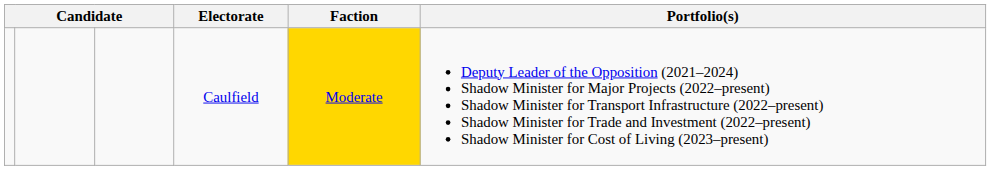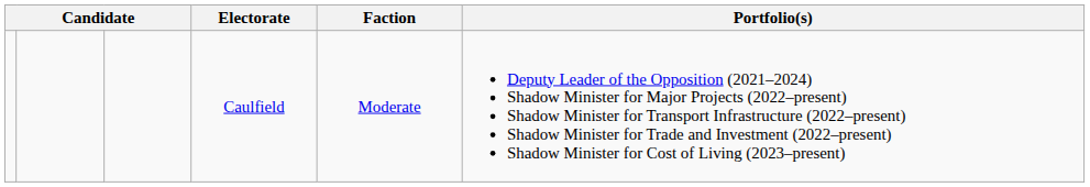 <table class="wikitable" style="text-align:center">
 <tr>
 <th width=175px; colspan=3>Candidate</th>
 <th width=115px>Electorate</th>
 <th width=135px>Faction</th>
 <th width=600px>Portfolio(s)</th>
 </tr>
 <tr>
 <td width="3pt" > </td>
 <td></td>
 <td></td>
 <td><a href='#'>Caulfield</a></td>
-<td style="background: gold;"><a href='#'>Moderate</a></td>
+<td><a href='#'>Moderate</a></td>
 <td align=left><br><ul><li><a href='#'>Deputy Leader of the Opposition</a> (2021–2024)</li><li>Shadow Minister for Major Projects (2022–present)</li><li>Shadow Minister for Transport Infrastructure (2022–present)</li><li>Shadow Minister for Trade and Investment (2022–present)</li><li>Shadow Minister for Cost of Living (2023–present)</li></ul></td>
 </tr>
 </table>
